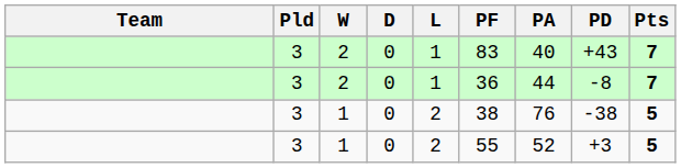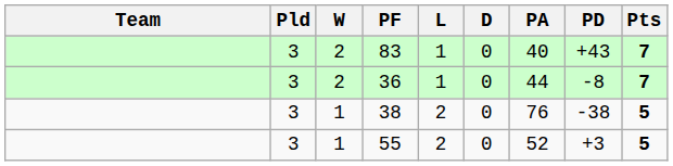 <table class="wikitable" style="text-align:center;">
 <tr>
 <th width=175>Team</th>
 <th width=25 abbr="Played">Pld</th>
 <th width=25 abbr="Won">W</th>
+<th width=32 abbr="Points for">PF</th>
+<th width=25 abbr="Lost">L</th>
 <th width=25 abbr="Drawn">D</th>
-<th width=25 abbr="Lost">L</th>
-<th width=32 abbr="Points for">PF</th>
 <th width=32 abbr="Points against">PA</th>
 <th width=32 abbr="Points difference">PD</th>
 <th width=25 abbr="Points">Pts</th>
 </tr>
 <tr bgcolor="#ccffcc">
 <td align=left></td>
 <td>3</td>
 <td>2</td>
+<td>83</td>
+<td>1</td>
 <td>0</td>
-<td>1</td>
-<td>83</td>
 <td>40</td>
 <td>+43</td>
 <td><strong>7</strong></td>
 </tr>
 <tr bgcolor="#ccffcc">
 <td align=left></td>
 <td>3</td>
 <td>2</td>
+<td>36</td>
+<td>1</td>
 <td>0</td>
-<td>1</td>
-<td>36</td>
 <td>44</td>
 <td>-8</td>
 <td><strong>7</strong></td>
 </tr>
 <tr>
 <td align=left></td>
 <td>3</td>
 <td>1</td>
+<td>38</td>
+<td>2</td>
 <td>0</td>
-<td>2</td>
-<td>38</td>
 <td>76</td>
 <td>-38</td>
 <td><strong>5</strong></td>
 </tr>
 <tr>
 <td align=left></td>
 <td>3</td>
 <td>1</td>
+<td>55</td>
+<td>2</td>
 <td>0</td>
-<td>2</td>
-<td>55</td>
 <td>52</td>
 <td>+3</td>
 <td><strong>5</strong></td>
 </tr>
 </table>
